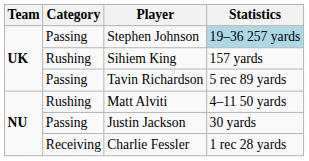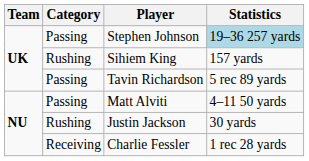 <table class="wikitable">
 <tr>
 <th>Team</th>
 <th>Category</th>
 <th>Player</th>
 <th>Statistics</th>
 </tr>
 <tr>
 <td rowspan=3><strong>UK</strong></td>
 <td>Passing</td>
 <td>Stephen Johnson</td>
 <td style="background: lightblue;">19–36 257 yards</td>
 </tr>
 <tr>
 <td>Rushing</td>
 <td>Sihiem King</td>
 <td>157 yards</td>
 </tr>
 <tr>
 <td>Passing</td>
 <td>Tavin Richardson</td>
 <td>5 rec 89 yards</td>
 </tr>
 <tr>
 <td rowspan=3><strong>NU</strong></td>
-<td>Rushing</td>
+<td>Passing</td>
 <td>Matt Alviti</td>
 <td>4–11 50 yards</td>
 </tr>
 <tr>
-<td>Passing</td>
+<td>Rushing</td>
 <td>Justin Jackson</td>
 <td>30 yards</td>
 </tr>
 <tr>
 <td>Receiving</td>
 <td>Charlie Fessler</td>
 <td>1 rec 28 yards</td>
 </tr>
 </table>
